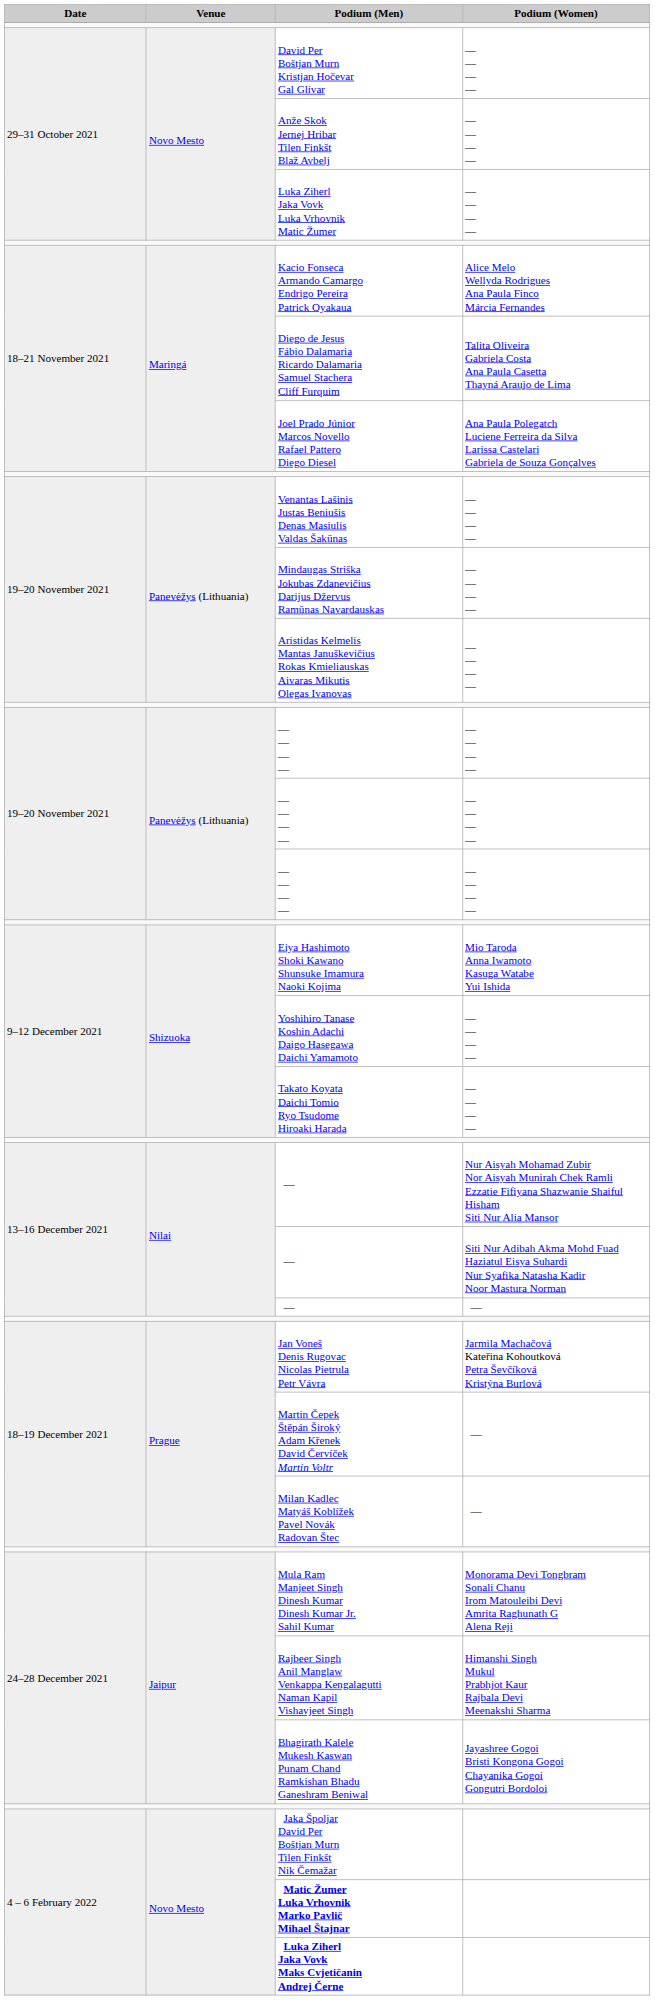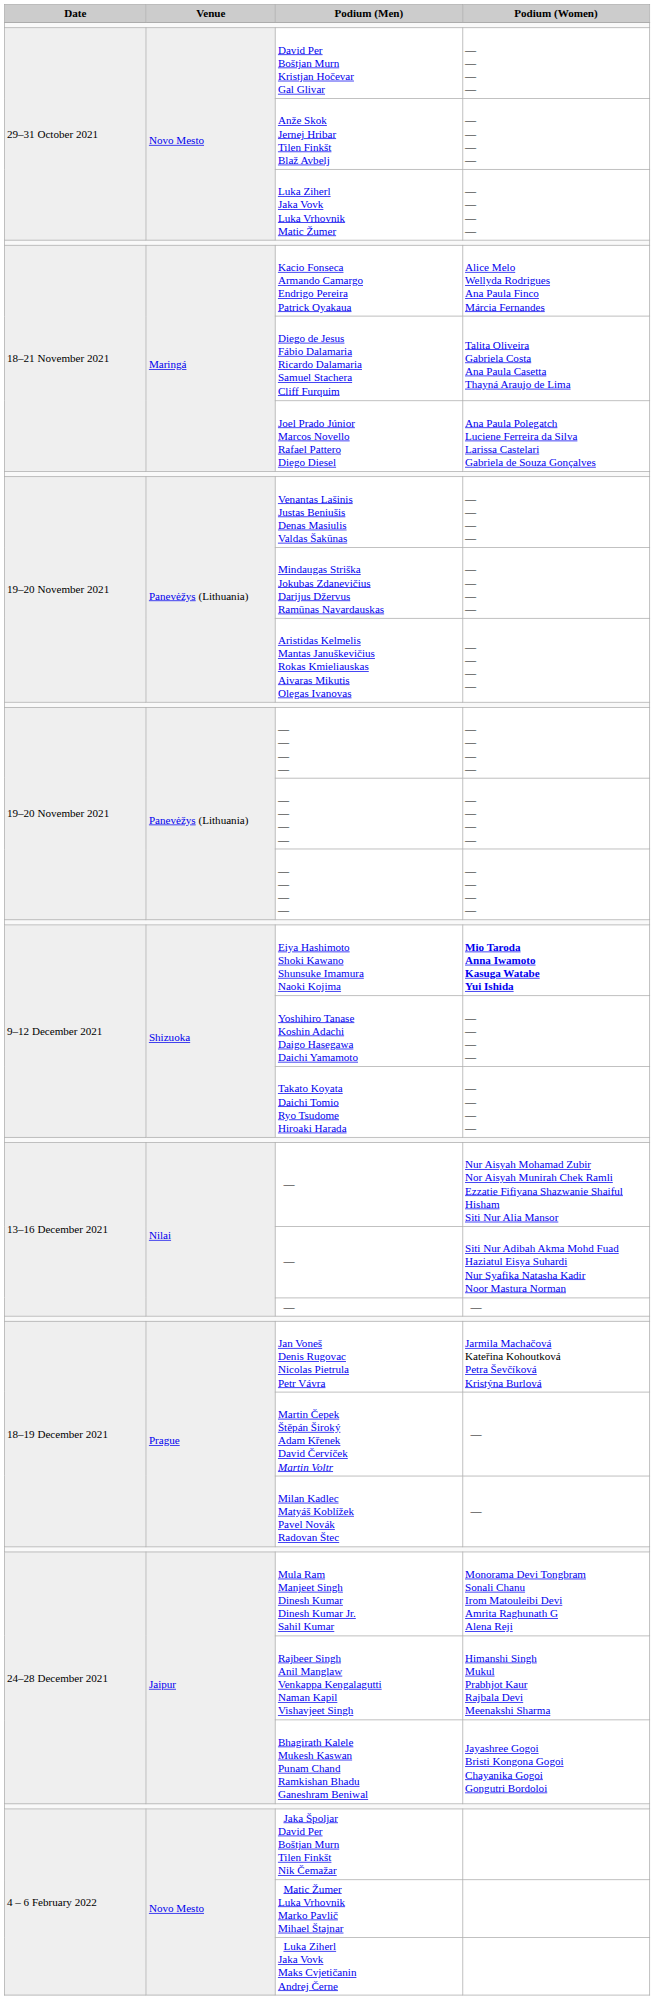 <table class="wikitable" width=70% bgcolor="#f7f8ff" cellpadding="3" cellspacing="0" border="1" style="font-size: 95%; border: gray solid 1px; border-collapse: collapse;">
 <tr bgcolor="#CCCCCC">
 <td align="center"><strong>Date</strong></td>
 <td width=20% align="center"><strong>Venue</strong></td>
 <td width=29% align="center"><strong>Podium (Men)</strong></td>
 <td width=29% align="center"><strong>Podium (Women)</strong></td>
 </tr>
 <tr bgcolor="#EFEFEF">
 </tr>
 <tr>
 <td colspan=4></td>
 </tr>
 <tr bgcolor="#EFEFEF">
 <td rowspan=3>29–31 October 2021</td>
 <td rowspan=3><br><a href='#'>Novo Mesto</a></td>
 <td bgcolor="#ffffff">   <br><a href='#'>David Per</a><br><a href='#'>Boštjan Murn</a><br><a href='#'>Kristjan Hočevar</a><br><a href='#'>Gal Glivar</a></td>
 <td bgcolor="#ffffff">   <br>—<br>—<br>—<br>—</td>
 </tr>
 <tr>
 <td bgcolor="#ffffff">   <br><a href='#'>Anže Skok</a><br><a href='#'>Jernej Hribar</a><br><a href='#'>Tilen Finkšt</a><br><a href='#'>Blaž Avbelj</a></td>
 <td bgcolor="#ffffff">   <br>—<br>—<br>—<br>—</td>
 </tr>
 <tr>
 <td bgcolor="#ffffff">   <br><a href='#'>Luka Ziherl</a><br><a href='#'>Jaka Vovk</a><br><a href='#'>Luka Vrhovnik</a><br><a href='#'>Matic Žumer</a></td>
 <td bgcolor="#ffffff">   <br>—<br>—<br>—<br>—</td>
 </tr>
 <tr>
 <td colspan=4></td>
 </tr>
 <tr bgcolor="#EFEFEF">
 <td rowspan=3>18–21 November 2021</td>
 <td rowspan=3><br><a href='#'>Maringá</a></td>
 <td bgcolor="#ffffff">   <br><a href='#'>Kacio Fonseca</a><br><a href='#'>Armando Camargo</a><br><a href='#'>Endrigo Pereira</a><br><a href='#'>Patrick Oyakaua</a></td>
 <td bgcolor="#ffffff">   <br><a href='#'>Alice Melo</a><br><a href='#'>Wellyda Rodrigues</a><br><a href='#'>Ana Paula Finco</a><br><a href='#'>Márcia Fernandes</a></td>
 </tr>
 <tr>
 <td bgcolor="#ffffff">   <br><a href='#'>Diego de Jesus</a><br><a href='#'>Fábio Dalamaria</a><br><a href='#'>Ricardo Dalamaria</a><br><a href='#'>Samuel Stachera</a><br><a href='#'>Cliff Furquim</a></td>
 <td bgcolor="#ffffff">   <br><a href='#'>Talita Oliveira</a><br><a href='#'>Gabriela Costa</a><br><a href='#'>Ana Paula Casetta</a><br><a href='#'>Thayná Araujo de Lima</a></td>
 </tr>
 <tr>
 <td bgcolor="#ffffff">   <br><a href='#'>Joel Prado Júnior</a><br><a href='#'>Marcos Novello</a><br><a href='#'>Rafael Pattero</a><br><a href='#'>Diego Diesel</a></td>
 <td bgcolor="#ffffff">   <br><a href='#'>Ana Paula Polegatch</a><br><a href='#'>Luciene Ferreira da Silva</a><br><a href='#'>Larissa Castelari</a><br><a href='#'>Gabriela de Souza Gonçalves</a></td>
 </tr>
 <tr>
 <td colspan=4></td>
 </tr>
 <tr bgcolor="#EFEFEF">
 <td rowspan=3>19–20 November 2021</td>
 <td rowspan=3><br><a href='#'>Panevėžys</a> (Lithuania)</td>
 <td bgcolor="#ffffff">   <br><a href='#'>Venantas Lašinis</a><br><a href='#'>Justas Beniušis</a><br><a href='#'>Denas Masiulis</a><br><a href='#'>Valdas Šakūnas</a></td>
 <td bgcolor="#ffffff">   <br>—<br>—<br>—<br>—</td>
 </tr>
 <tr>
 <td bgcolor="#ffffff">   <br><a href='#'>Mindaugas Striška</a><br><a href='#'>Jokubas Zdanevičius</a><br><a href='#'>Darijus Džervus</a><br><a href='#'>Ramūnas Navardauskas</a></td>
 <td bgcolor="#ffffff">   <br>—<br>—<br>—<br>—</td>
 </tr>
 <tr>
 <td bgcolor="#ffffff">   <br><a href='#'>Aristidas Kelmelis</a><br><a href='#'>Mantas Januškevičius</a><br><a href='#'>Rokas Kmieliauskas</a><br><a href='#'>Aivaras Mikutis</a><br><a href='#'>Olegas Ivanovas</a></td>
 <td bgcolor="#ffffff">   <br>—<br>—<br>—<br>—</td>
 </tr>
 <tr>
 <td colspan=4></td>
 </tr>
 <tr bgcolor="#EFEFEF">
 <td rowspan=3>19–20 November 2021</td>
 <td rowspan=3><br><a href='#'>Panevėžys</a> (Lithuania)</td>
 <td bgcolor="#ffffff">   <br>—<br>—<br>—<br>—</td>
 <td bgcolor="#ffffff">   <br>—<br>—<br>—<br>—</td>
 </tr>
 <tr>
 <td bgcolor="#ffffff">   <br>—<br>—<br>—<br>—</td>
 <td bgcolor="#ffffff">   <br>—<br>—<br>—<br>—</td>
 </tr>
 <tr>
 <td bgcolor="#ffffff">   <br>—<br>—<br>—<br>—</td>
 <td bgcolor="#ffffff">   <br>—<br>—<br>—<br>—</td>
 </tr>
 <tr>
 <td colspan=4></td>
 </tr>
 <tr bgcolor="#EFEFEF">
 <td rowspan=3>9–12 December 2021</td>
 <td rowspan=3><br><a href='#'>Shizuoka</a></td>
 <td bgcolor="#ffffff">   <br><a href='#'>Eiya Hashimoto</a><br><a href='#'>Shoki Kawano</a><br><a href='#'>Shunsuke Imamura</a><br><a href='#'>Naoki Kojima</a></td>
-<td bgcolor="#ffffff">   <br><a href='#'>Mio Taroda</a><br><a href='#'>Anna Iwamoto</a><br><a href='#'>Kasuga Watabe</a><br><a href='#'>Yui Ishida</a></td>
+<td bgcolor="#ffffff"><strong>   <br><a href='#'>Mio Taroda</a><br><a href='#'>Anna Iwamoto</a><br><a href='#'>Kasuga Watabe</a><br><a href='#'>Yui Ishida</a></strong></td>
 </tr>
 <tr>
 <td bgcolor="#ffffff">   <br><a href='#'>Yoshihiro Tanase</a><br><a href='#'>Koshin Adachi</a><br><a href='#'>Daigo Hasegawa</a><br><a href='#'>Daichi Yamamoto</a></td>
 <td bgcolor="#ffffff">   <br>—<br>—<br>—<br>—</td>
 </tr>
 <tr>
 <td bgcolor="#ffffff">   <br><a href='#'>Takato Koyata</a><br><a href='#'>Daichi Tomio</a><br><a href='#'>Ryo Tsudome</a><br><a href='#'>Hiroaki Harada</a></td>
 <td bgcolor="#ffffff">   <br>—<br>—<br>—<br>—</td>
 </tr>
 <tr>
 <td colspan=4></td>
 </tr>
 <tr bgcolor="#EFEFEF">
 <td rowspan=3>13–16 December 2021</td>
 <td rowspan=3><br><a href='#'>Nilai</a></td>
 <td bgcolor="#ffffff">   —</td>
 <td bgcolor="#ffffff">   <br><a href='#'>Nur Aisyah Mohamad Zubir</a><br><a href='#'>Nor Aisyah Munirah Chek Ramli</a><br><a href='#'>Ezzatie Fifiyana Shazwanie Shaiful Hisham</a><br><a href='#'>Siti Nur Alia Mansor</a></td>
 </tr>
 <tr>
 <td bgcolor="#ffffff">   —</td>
 <td bgcolor="#ffffff">   <br><a href='#'>Siti Nur Adibah Akma Mohd Fuad</a><br><a href='#'>Haziatul Eisya Suhardi</a><br><a href='#'>Nur Syafika Natasha Kadir</a><br><a href='#'>Noor Mastura Norman</a></td>
 </tr>
 <tr>
 <td bgcolor="#ffffff">   —</td>
 <td bgcolor="#ffffff">   —</td>
 </tr>
 <tr>
 <td colspan=4></td>
 </tr>
 <tr bgcolor="#EFEFEF">
 <td rowspan=3>18–19 December 2021</td>
 <td rowspan=3><br><a href='#'>Prague</a></td>
 <td bgcolor="#ffffff">   <br><a href='#'>Jan Voneš</a><br><a href='#'>Denis Rugovac</a><br><a href='#'>Nicolas Pietrula</a><br><a href='#'>Petr Vávra</a></td>
 <td bgcolor="#ffffff">   <br><a href='#'>Jarmila Machačová</a><br>Kateřina Kohoutková<br><a href='#'>Petra Ševčíková</a><br><a href='#'>Kristýna Burlová</a></td>
 </tr>
 <tr>
 <td bgcolor="#ffffff">   <br><a href='#'>Martin Čepek</a><br><a href='#'>Štěpán Široký</a><br><a href='#'>Adam Křenek</a><br><a href='#'>David Červíček</a><br><em><a href='#'>Martin Voltr</a></em></td>
 <td bgcolor="#ffffff">   —</td>
 </tr>
 <tr>
 <td bgcolor="#ffffff">   <br><a href='#'>Milan Kadlec</a><br><a href='#'>Matyáš Koblížek</a><br><a href='#'>Pavel Novák</a><br><a href='#'>Radovan Štec</a></td>
 <td bgcolor="#ffffff">   —</td>
 </tr>
 <tr>
 <td colspan=4></td>
 </tr>
 <tr bgcolor="#EFEFEF">
 <td rowspan=3>24–28 December 2021</td>
 <td rowspan=3><br><a href='#'>Jaipur</a></td>
 <td bgcolor="#ffffff">   <br><a href='#'>Mula Ram</a><br><a href='#'>Manjeet Singh</a><br><a href='#'>Dinesh Kumar</a><br><a href='#'>Dinesh Kumar Jr.</a><br><a href='#'>Sahil Kumar</a></td>
 <td bgcolor="#ffffff">   <br><a href='#'>Monorama Devi Tongbram</a><br><a href='#'>Sonali Chanu</a><br><a href='#'>Irom Matouleibi Devi</a><br><a href='#'>Amrita Raghunath G</a><br><a href='#'>Alena Reji</a></td>
 </tr>
 <tr>
 <td bgcolor="#ffffff">   <br><a href='#'>Rajbeer Singh</a><br><a href='#'>Anil Manglaw</a><br><a href='#'>Venkappa Kengalagutti</a><br><a href='#'>Naman Kapil</a><br><a href='#'>Vishavjeet Singh</a></td>
 <td bgcolor="#ffffff">   <br><a href='#'>Himanshi Singh</a><br><a href='#'>Mukul</a><br><a href='#'>Prabhjot Kaur</a><br><a href='#'>Rajbala Devi</a><br><a href='#'>Meenakshi Sharma</a></td>
 </tr>
 <tr>
 <td bgcolor="#ffffff">   <br><a href='#'>Bhagirath Kalele</a><br><a href='#'>Mukesh Kaswan</a><br><a href='#'>Punam Chand</a><br><a href='#'>Ramkishan Bhadu</a><br><a href='#'>Ganeshram Beniwal</a></td>
 <td bgcolor="#ffffff">   <br><a href='#'>Jayashree Gogoi</a><br><a href='#'>Bristi Kongona Gogoi</a><br><a href='#'>Chayanika Gogoi</a><br><a href='#'>Gongutri Bordoloi</a></td>
 </tr>
 <tr>
 <td colspan=4></td>
 </tr>
 <tr bgcolor="#EFEFEF">
 <td rowspan=3>4 – 6 February 2022</td>
 <td rowspan=3><br><a href='#'>Novo Mesto</a></td>
 <td bgcolor="#ffffff">   <a href='#'>Jaka Špoljar</a><br><a href='#'>David Per</a><br><a href='#'>Boštjan Murn</a><br><a href='#'>Tilen Finkšt</a><br><a href='#'>Nik Čemažar</a></td>
 <td bgcolor="#ffffff">   <a href='#'></a></td>
 </tr>
 <tr>
-<td bgcolor="#ffffff"><strong>   <a href='#'>Matic Žumer</a><br><a href='#'>Luka Vrhovnik</a><br><a href='#'>Marko Pavlič</a><br><a href='#'>Mihael Štajnar</a></strong></td>
+<td bgcolor="#ffffff">   <a href='#'>Matic Žumer</a><br><a href='#'>Luka Vrhovnik</a><br><a href='#'>Marko Pavlič</a><br><a href='#'>Mihael Štajnar</a></td>
 <td bgcolor="#ffffff">   <a href='#'></a></td>
 </tr>
 <tr>
-<td bgcolor="#ffffff"><strong>   <a href='#'>Luka Ziherl</a><br><a href='#'>Jaka Vovk</a><br><a href='#'>Maks Cvjetičanin</a><br><a href='#'>Andrej Černe</a></strong></td>
+<td bgcolor="#ffffff">   <a href='#'>Luka Ziherl</a><br><a href='#'>Jaka Vovk</a><br><a href='#'>Maks Cvjetičanin</a><br><a href='#'>Andrej Černe</a></td>
 <td bgcolor="#ffffff">   <a href='#'></a></td>
 </tr>
 </table>
